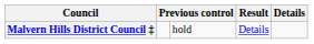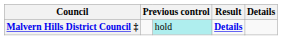 <table class="wikitable sortable" border="1">
 <tr>
 <th scope="col">Council</th>
 <th colspan=2>Previous control</th>
 <th colspan=2>Result</th>
 <th class="unsortable" scope="col">Details</th>
 </tr>
 <tr>
 <th scope="row" style="text-align: left;"><a href='#'>Malvern Hills District Council</a> ‡</th>
 <td></td>
-<td> hold</td>
-<td><a href='#'>Details</a></td>
+<td style="background: paleturquoise;"> hold</td>
+<td><strong><a href='#'>Details</a></strong></td>
 </tr>
 </table>
